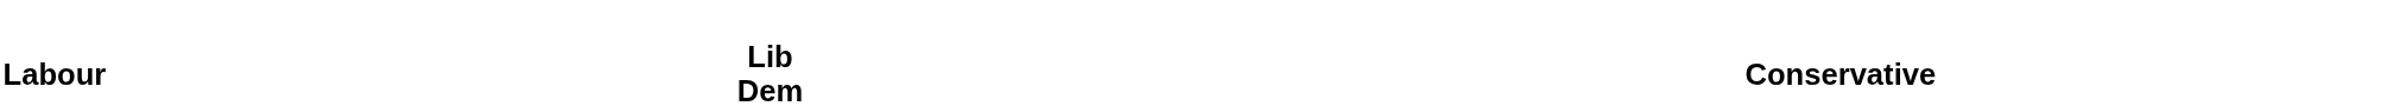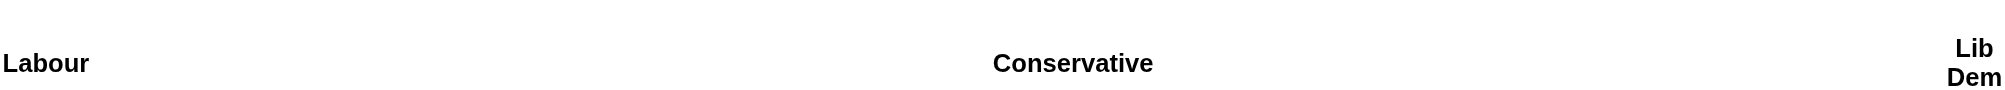 <table style="width:100%; text-align:center;">
 <tr style="color:white;">
 <td style="background:"><strong>33</strong></td>
+<td style="background:"><strong>19</strong></td>
 <td style="background:"><strong>5</strong></td>
-<td style="background:"><strong>19</strong></td>
 </tr>
 <tr>
 <td><span><strong>Labour</strong></span></td>
+<td><span><strong>Conservative</strong></span></td>
 <td><span><strong>Lib<br>Dem</strong></span></td>
-<td><span><strong>Conservative</strong></span></td>
 </tr>
 </table>
